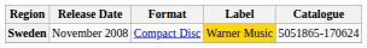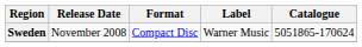 <table class="wikitable plainrowheaders">
 <tr>
 <th scope="col">Region</th>
 <th scope="col">Release Date</th>
 <th scope="col">Format</th>
 <th scope="col">Label</th>
 <th scope="col">Catalogue</th>
 </tr>
 <tr>
 <th scope="row" rowspan="1">Sweden</th>
 <td>November 2008</td>
 <td><a href='#'>Compact Disc</a></td>
-<td style="background: gold;">Warner Music</td>
+<td>Warner Music</td>
 <td>5051865-170624</td>
 </tr>
 <tr>
 </tr>
 </table>
